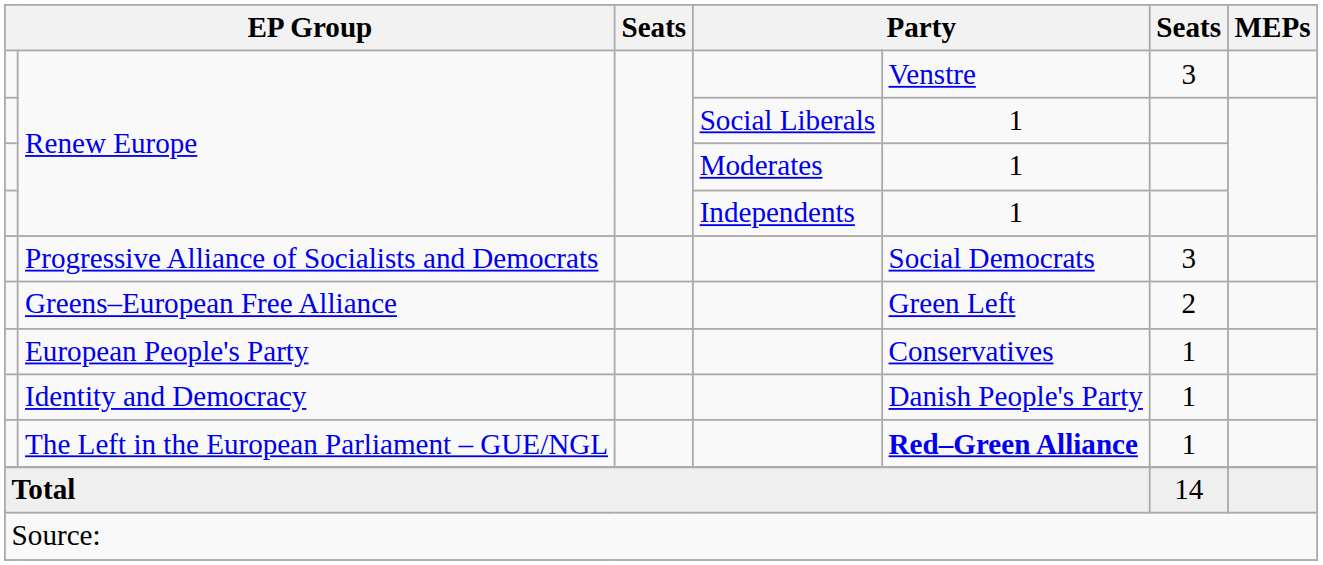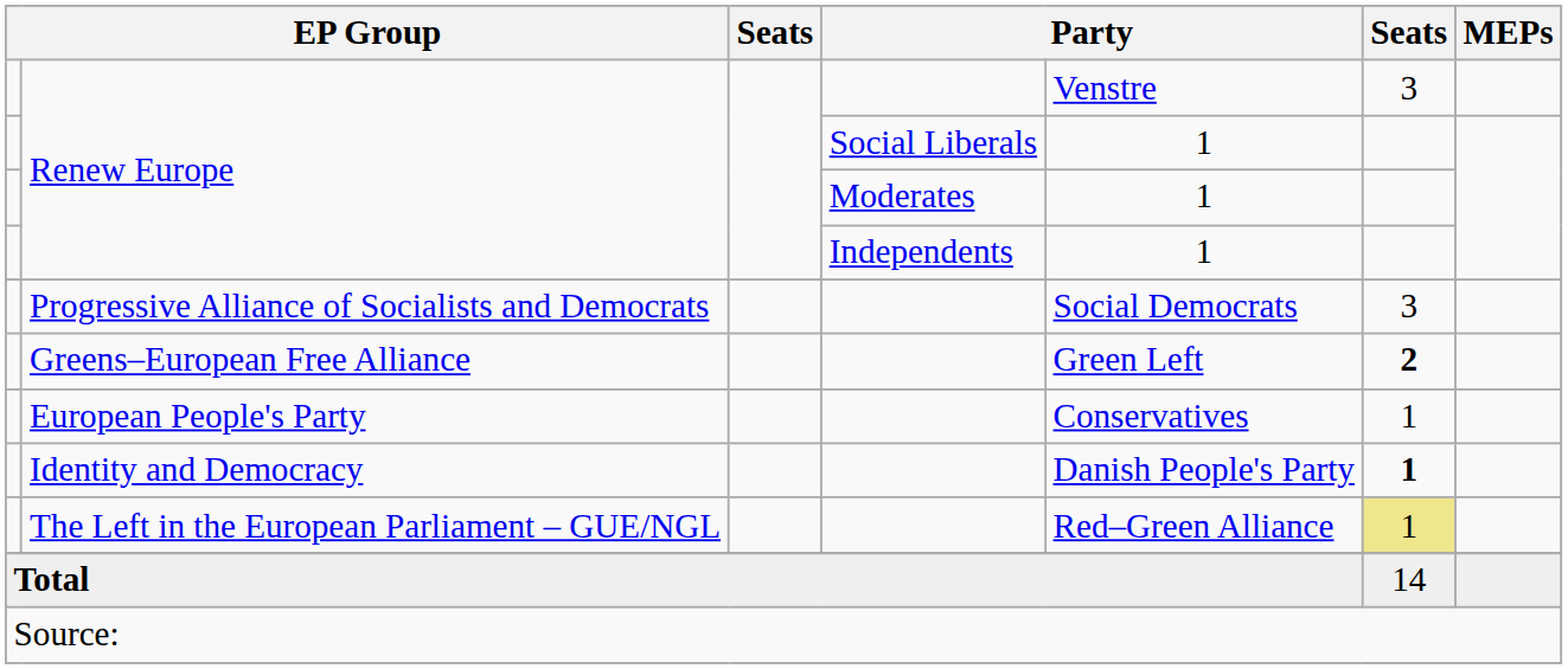 <table class="wikitable">
 <tr>
 <th colspan=2>EP Group</th>
 <th>Seats</th>
 <th colspan=2>Party</th>
 <th>Seats</th>
 <th>MEPs</th>
 </tr>
 <tr>
 <td></td>
 <td rowspan="4"><a href='#'>Renew Europe</a></td>
 <td rowspan="4"></td>
 <td style="background:"></td>
 <td><a href='#'>Venstre</a></td>
 <td align=center>3</td>
 <td></td>
 </tr>
 <tr>
 <td style="background:"></td>
 <td><a href='#'>Social Liberals</a></td>
 <td align=center>1</td>
 <td></td>
 </tr>
 <tr>
 <td style="background:"></td>
 <td><a href='#'>Moderates</a></td>
 <td align=center>1</td>
 <td></td>
 </tr>
 <tr>
 <td style="background:"></td>
 <td><a href='#'>Independents</a></td>
 <td align=center>1</td>
 <td></td>
 </tr>
 <tr>
 <td></td>
 <td><a href='#'>Progressive Alliance of Socialists and Democrats</a></td>
 <td></td>
 <td style="background:"></td>
 <td><a href='#'>Social Democrats</a></td>
 <td align=center>3</td>
 <td></td>
 </tr>
 <tr>
 <td></td>
 <td><a href='#'>Greens–European Free Alliance</a></td>
 <td></td>
 <td style="background:"></td>
 <td><a href='#'>Green Left</a></td>
-<td align=center>2</td>
+<td align=center><strong>2</strong></td>
 <td></td>
 </tr>
 <tr>
 <td></td>
 <td><a href='#'>European People's Party</a></td>
 <td></td>
 <td style="background:"></td>
 <td><a href='#'>Conservatives</a></td>
 <td align=center>1</td>
 <td></td>
 </tr>
 <tr>
 <td></td>
 <td><a href='#'>Identity and Democracy</a></td>
 <td></td>
 <td style="background:"></td>
 <td><a href='#'>Danish People's Party</a></td>
-<td align=center>1</td>
+<td align=center><strong>1</strong></td>
 <td></td>
 </tr>
 <tr>
 <td></td>
 <td><a href='#'>The Left in the European Parliament – GUE/NGL</a></td>
 <td></td>
 <td style="background:"></td>
-<td><strong><a href='#'>Red–Green Alliance</a></strong></td>
-<td align=center>1</td>
+<td><a href='#'>Red–Green Alliance</a></td>
+<td align=center style="background: khaki;">1</td>
 <td></td>
 </tr>
 <tr>
 </tr>
 <tr bgcolor="EFEFEF">
 <td colspan=5 align=left><strong>Total</strong></td>
 <td align=center>14</td>
 <td></td>
 </tr>
 <tr>
 <td colspan="7">Source: </td>
 </tr>
 </table>
